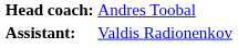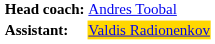 <table>
 <tr>
 <td><strong>Head coach:</strong></td>
 <td>  <a href='#'>Andres Toobal</a></td>
 </tr>
 <tr>
 <td><strong>Assistant:</strong></td>
-<td> <a href='#'>Valdis Radionenkov</a></td>
+<td style="background: gold;"> <a href='#'>Valdis Radionenkov</a></td>
 </tr>
 </table>
